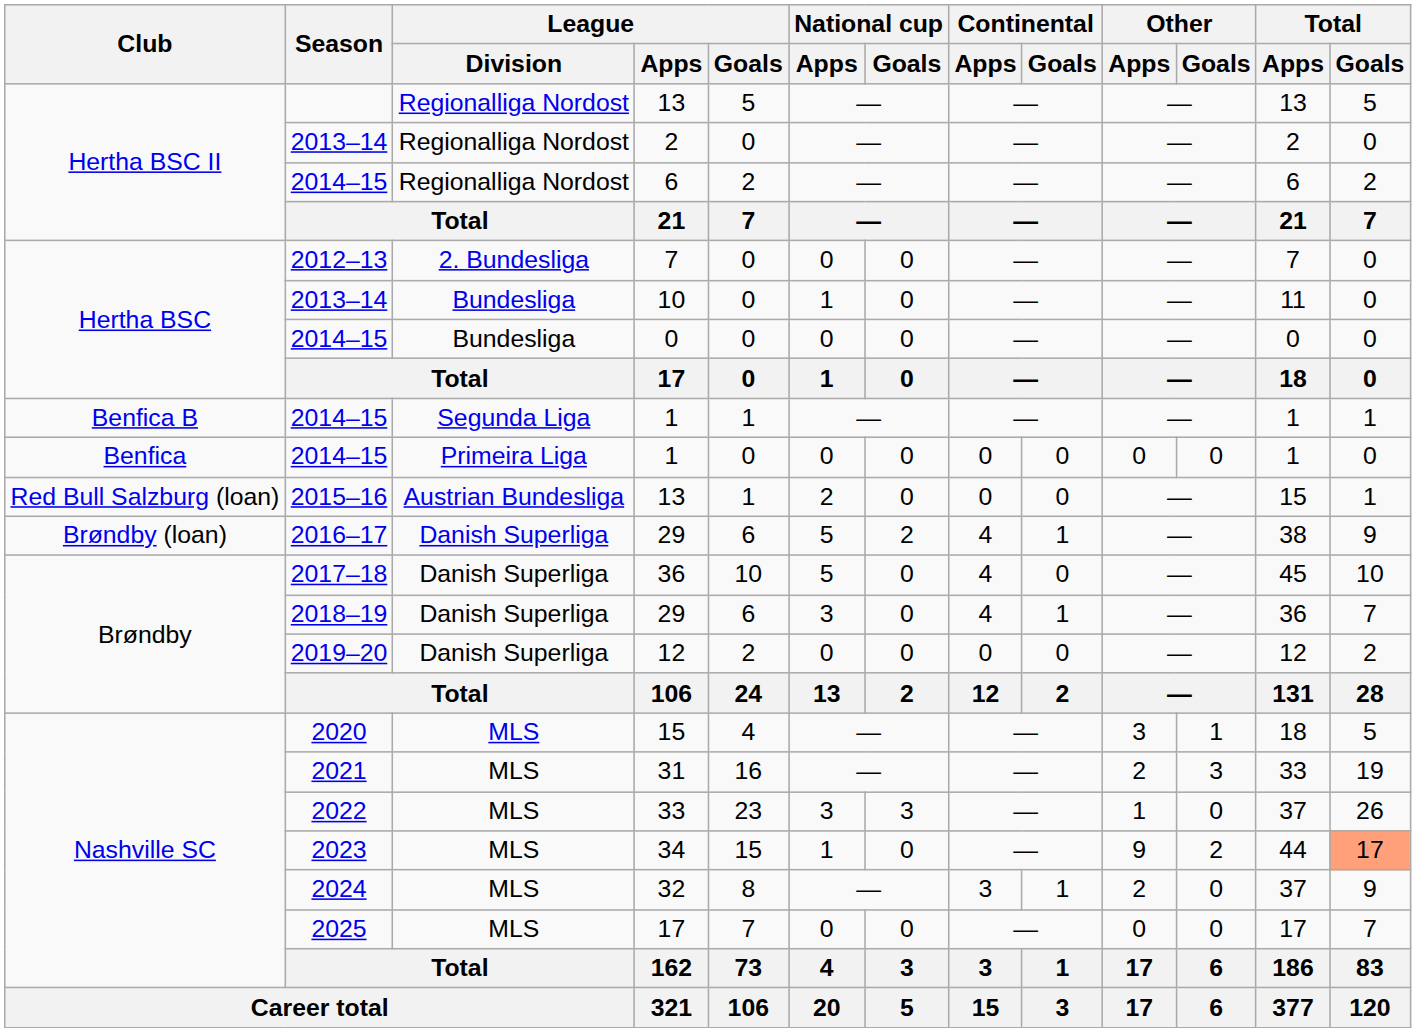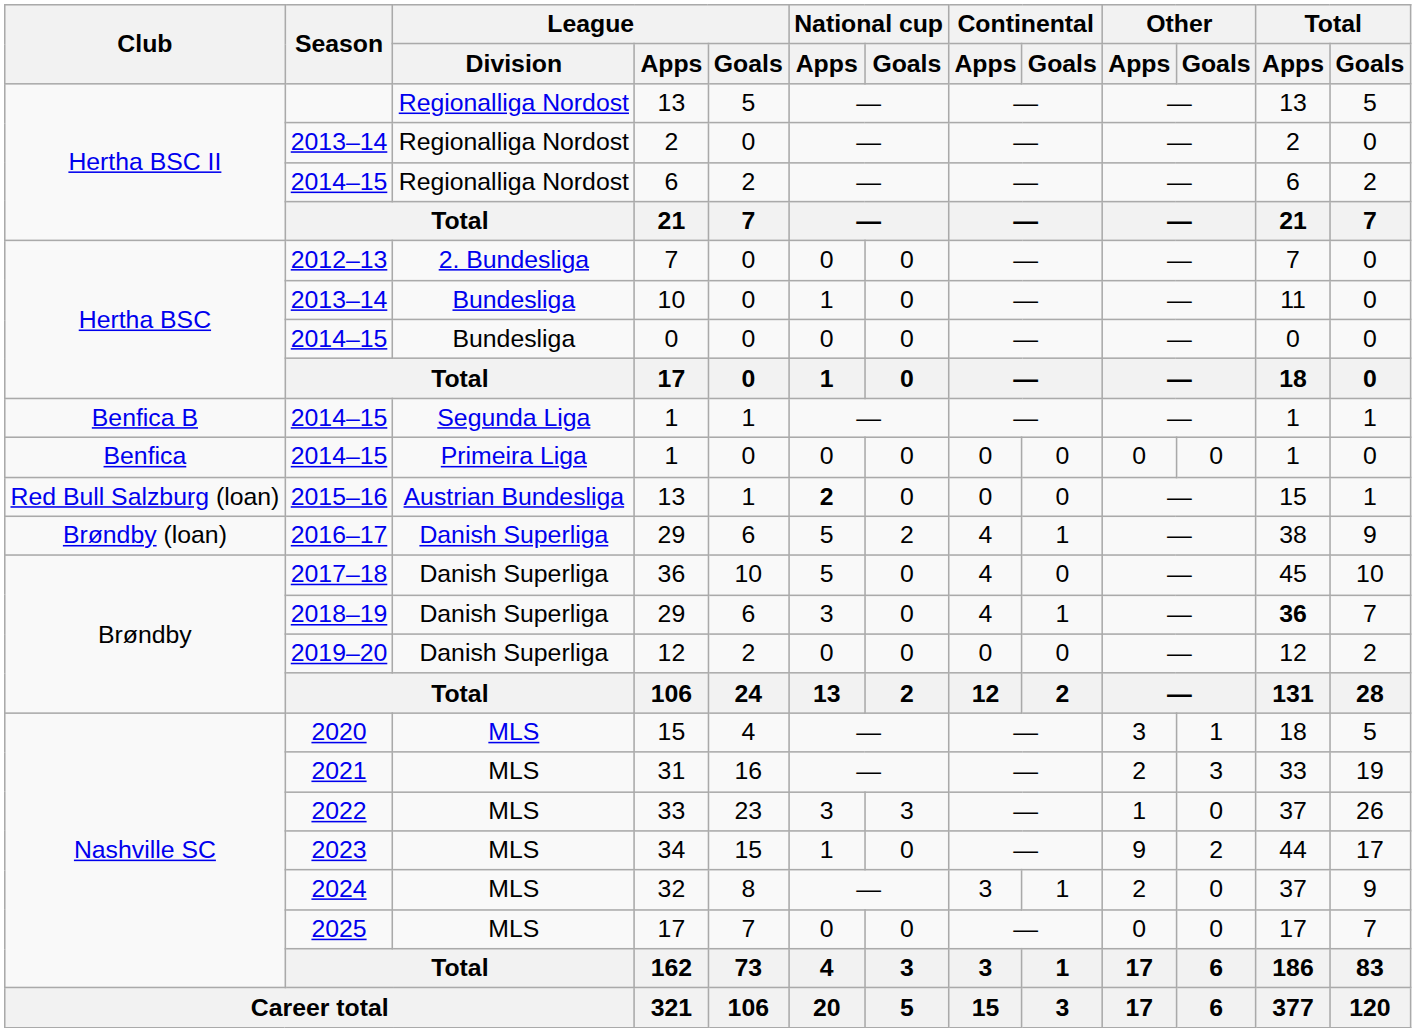 <table class="wikitable" style="text-align:center">
 <tr>
 <th rowspan="2">Club</th>
 <th rowspan="2">Season</th>
 <th colspan="3">League</th>
 <th colspan="2">National cup</th>
 <th colspan="2">Continental</th>
 <th colspan="2">Other</th>
 <th colspan="2">Total</th>
 </tr>
 <tr>
 <th>Division</th>
 <th>Apps</th>
 <th>Goals</th>
 <th>Apps</th>
 <th>Goals</th>
 <th>Apps</th>
 <th>Goals</th>
 <th>Apps</th>
 <th>Goals</th>
 <th>Apps</th>
 <th>Goals</th>
 </tr>
 <tr>
 <td rowspan="4"><a href='#'>Hertha BSC II</a></td>
 <td></td>
 <td><a href='#'>Regionalliga Nordost</a></td>
 <td>13</td>
 <td>5</td>
 <td colspan="2">—</td>
 <td colspan="2">—</td>
 <td colspan="2">—</td>
 <td>13</td>
 <td>5</td>
 </tr>
 <tr>
 <td><a href='#'>2013–14</a></td>
 <td>Regionalliga Nordost</td>
 <td>2</td>
 <td>0</td>
 <td colspan="2">—</td>
 <td colspan="2">—</td>
 <td colspan="2">—</td>
 <td>2</td>
 <td>0</td>
 </tr>
 <tr>
 <td><a href='#'>2014–15</a></td>
 <td>Regionalliga Nordost</td>
 <td>6</td>
 <td>2</td>
 <td colspan="2">—</td>
 <td colspan="2">—</td>
 <td colspan="2">—</td>
 <td>6</td>
 <td>2</td>
 </tr>
 <tr>
 <th colspan="2">Total</th>
 <th>21</th>
 <th>7</th>
 <th colspan="2">—</th>
 <th colspan="2">—</th>
 <th colspan="2">—</th>
 <th>21</th>
 <th>7</th>
 </tr>
 <tr>
 <td rowspan="4"><a href='#'>Hertha BSC</a></td>
 <td><a href='#'>2012–13</a></td>
 <td><a href='#'>2. Bundesliga</a></td>
 <td>7</td>
 <td>0</td>
 <td>0</td>
 <td>0</td>
 <td colspan="2">—</td>
 <td colspan="2">—</td>
 <td>7</td>
 <td>0</td>
 </tr>
 <tr>
 <td><a href='#'>2013–14</a></td>
 <td><a href='#'>Bundesliga</a></td>
 <td>10</td>
 <td>0</td>
 <td>1</td>
 <td>0</td>
 <td colspan="2">—</td>
 <td colspan="2">—</td>
 <td>11</td>
 <td>0</td>
 </tr>
 <tr>
 <td><a href='#'>2014–15</a></td>
 <td>Bundesliga</td>
 <td>0</td>
 <td>0</td>
 <td>0</td>
 <td>0</td>
 <td colspan="2">—</td>
 <td colspan="2">—</td>
 <td>0</td>
 <td>0</td>
 </tr>
 <tr>
 <th colspan="2">Total</th>
 <th>17</th>
 <th>0</th>
 <th>1</th>
 <th>0</th>
 <th colspan="2">—</th>
 <th colspan="2">—</th>
 <th>18</th>
 <th>0</th>
 </tr>
 <tr>
 <td><a href='#'>Benfica B</a></td>
 <td><a href='#'>2014–15</a></td>
 <td><a href='#'>Segunda Liga</a></td>
 <td>1</td>
 <td>1</td>
 <td colspan="2">—</td>
 <td colspan="2">—</td>
 <td colspan="2">—</td>
 <td>1</td>
 <td>1</td>
 </tr>
 <tr>
 <td><a href='#'>Benfica</a></td>
 <td><a href='#'>2014–15</a></td>
 <td><a href='#'>Primeira Liga</a></td>
 <td>1</td>
 <td>0</td>
 <td>0</td>
 <td>0</td>
 <td>0</td>
 <td>0</td>
 <td>0</td>
 <td>0</td>
 <td>1</td>
 <td>0</td>
 </tr>
 <tr>
 <td><a href='#'>Red Bull Salzburg</a> (loan)</td>
 <td><a href='#'>2015–16</a></td>
 <td><a href='#'>Austrian Bundesliga</a></td>
 <td>13</td>
 <td>1</td>
-<td>2</td>
+<td><strong>2</strong></td>
 <td>0</td>
 <td>0</td>
 <td>0</td>
 <td colspan="2">—</td>
 <td>15</td>
 <td>1</td>
 </tr>
 <tr>
 <td><a href='#'>Brøndby</a> (loan)</td>
 <td><a href='#'>2016–17</a></td>
 <td><a href='#'>Danish Superliga</a></td>
 <td>29</td>
 <td>6</td>
 <td>5</td>
 <td>2</td>
 <td>4</td>
 <td>1</td>
 <td colspan="2">—</td>
 <td>38</td>
 <td>9</td>
 </tr>
 <tr>
 <td rowspan="4">Brøndby</td>
 <td><a href='#'>2017–18</a></td>
 <td>Danish Superliga</td>
 <td>36</td>
 <td>10</td>
 <td>5</td>
 <td>0</td>
 <td>4</td>
 <td>0</td>
 <td colspan="2">—</td>
 <td>45</td>
 <td>10</td>
 </tr>
 <tr>
 <td><a href='#'>2018–19</a></td>
 <td>Danish Superliga</td>
 <td>29</td>
 <td>6</td>
 <td>3</td>
 <td>0</td>
 <td>4</td>
 <td>1</td>
 <td colspan="2">—</td>
-<td>36</td>
+<td><strong>36</strong></td>
 <td>7</td>
 </tr>
 <tr>
 <td><a href='#'>2019–20</a></td>
 <td>Danish Superliga</td>
 <td>12</td>
 <td>2</td>
 <td>0</td>
 <td>0</td>
 <td>0</td>
 <td>0</td>
 <td colspan="2">—</td>
 <td>12</td>
 <td>2</td>
 </tr>
 <tr>
 <th colspan="2">Total</th>
 <th>106</th>
 <th>24</th>
 <th>13</th>
 <th>2</th>
 <th>12</th>
 <th>2</th>
 <th colspan="2">—</th>
 <th>131</th>
 <th>28</th>
 </tr>
 <tr>
 <td rowspan="7"><a href='#'>Nashville SC</a></td>
 <td><a href='#'>2020</a></td>
 <td><a href='#'>MLS</a></td>
 <td>15</td>
 <td>4</td>
 <td colspan="2">—</td>
 <td colspan="2">—</td>
 <td>3</td>
 <td>1</td>
 <td>18</td>
 <td>5</td>
 </tr>
 <tr>
 <td><a href='#'>2021</a></td>
 <td>MLS</td>
 <td>31</td>
 <td>16</td>
 <td colspan="2">—</td>
 <td colspan="2">—</td>
 <td>2</td>
 <td>3</td>
 <td>33</td>
 <td>19</td>
 </tr>
 <tr>
 <td><a href='#'>2022</a></td>
 <td>MLS</td>
 <td>33</td>
 <td>23</td>
 <td>3</td>
 <td>3</td>
 <td colspan="2">—</td>
 <td>1</td>
 <td>0</td>
 <td>37</td>
 <td>26</td>
 </tr>
 <tr>
 <td><a href='#'>2023</a></td>
 <td>MLS</td>
 <td>34</td>
 <td>15</td>
 <td>1</td>
 <td>0</td>
 <td colspan="2">—</td>
 <td>9</td>
 <td>2</td>
 <td>44</td>
-<td style="background: lightsalmon;">17</td>
+<td>17</td>
 </tr>
 <tr>
 <td><a href='#'>2024</a></td>
 <td>MLS</td>
 <td>32</td>
 <td>8</td>
 <td colspan="2">—</td>
 <td>3</td>
 <td>1</td>
 <td>2</td>
 <td>0</td>
 <td>37</td>
 <td>9</td>
 </tr>
 <tr>
 <td><a href='#'>2025</a></td>
 <td>MLS</td>
 <td>17</td>
 <td>7</td>
 <td>0</td>
 <td>0</td>
 <td colspan="2">—</td>
 <td>0</td>
 <td>0</td>
 <td>17</td>
 <td>7</td>
 </tr>
 <tr>
 <th colspan="2">Total</th>
 <th>162</th>
 <th>73</th>
 <th>4</th>
 <th>3</th>
 <th>3</th>
 <th>1</th>
 <th>17</th>
 <th>6</th>
 <th>186</th>
 <th>83</th>
 </tr>
 <tr>
 <th colspan="3">Career total</th>
 <th>321</th>
 <th>106</th>
 <th>20</th>
 <th>5</th>
 <th>15</th>
 <th>3</th>
 <th>17</th>
 <th>6</th>
 <th>377</th>
 <th>120</th>
 </tr>
 </table>
